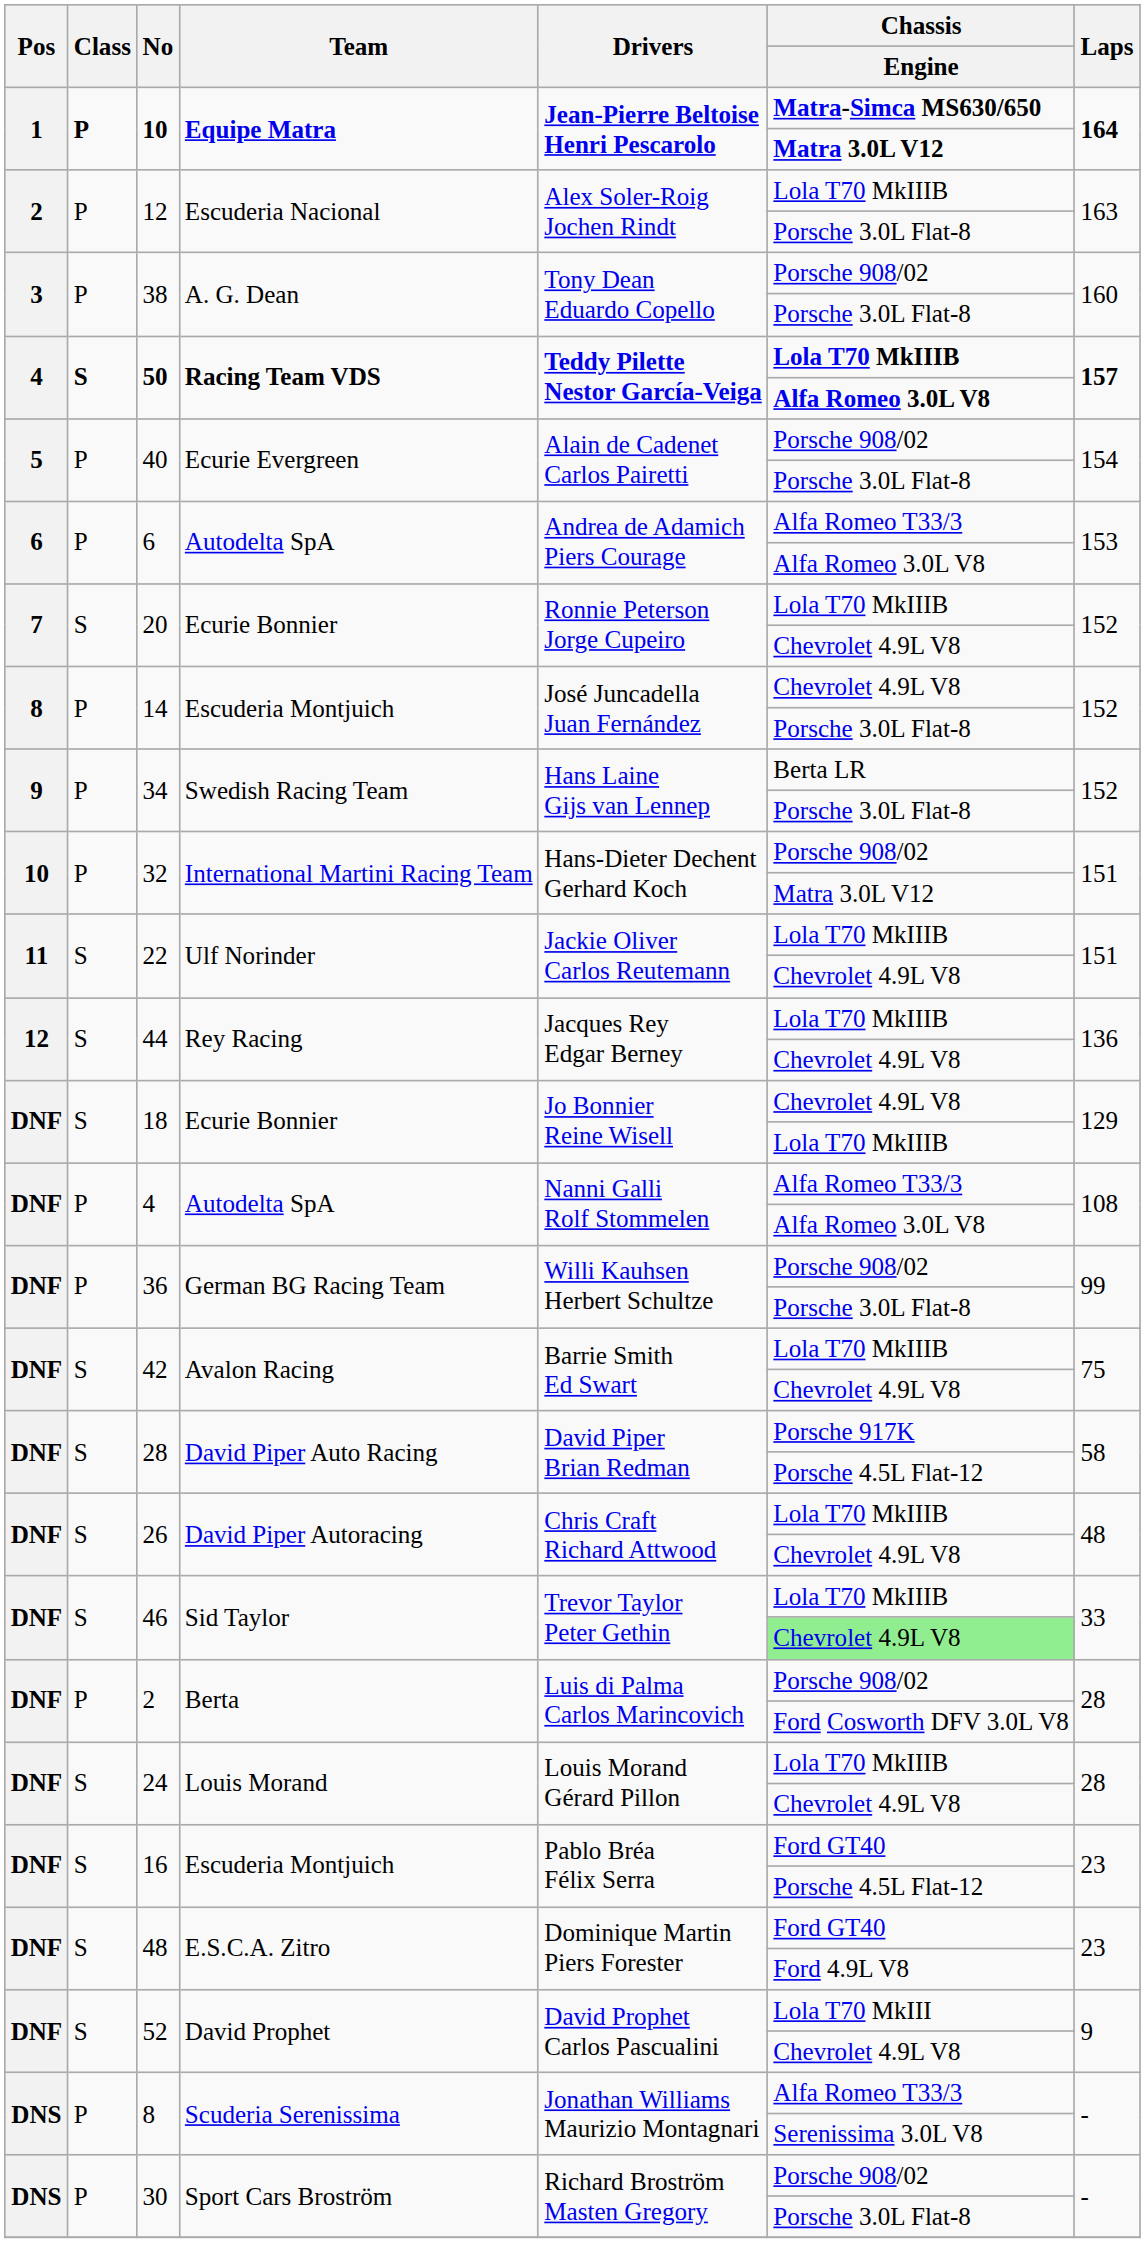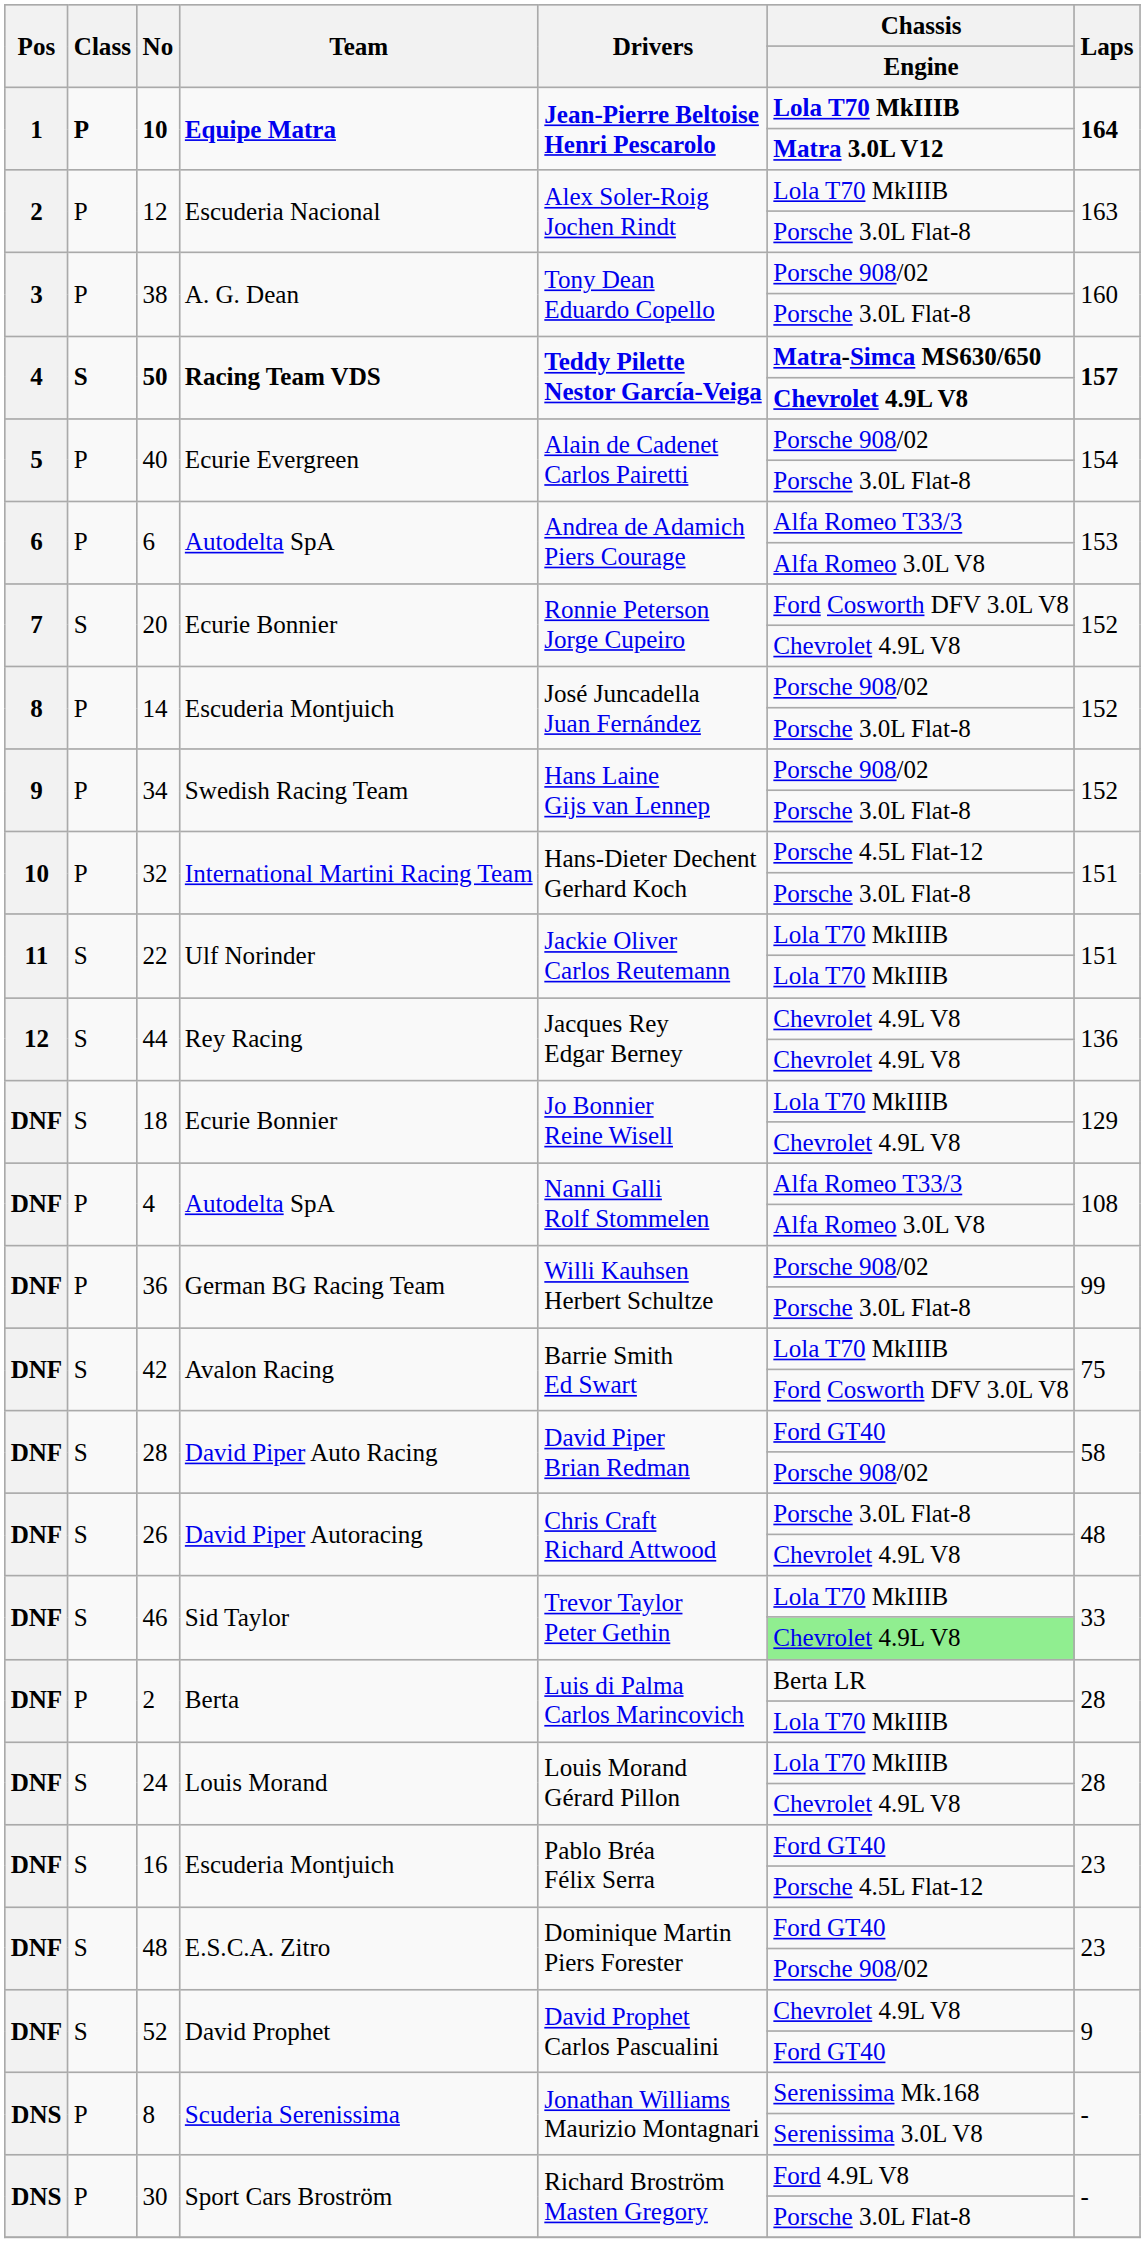 <table class="wikitable" style="font-size: 95%;">
 <tr>
 <th rowspan=2>Pos</th>
 <th rowspan=2>Class</th>
 <th rowspan=2>No</th>
 <th rowspan=2>Team</th>
 <th rowspan=2>Drivers</th>
 <th>Chassis</th>
 <th rowspan=2>Laps</th>
 </tr>
 <tr>
 <th>Engine</th>
 </tr>
 <tr style="font-weight:bold">
 <th rowspan=2>1</th>
 <td rowspan=2>P</td>
 <td rowspan=2>10</td>
 <td rowspan=2> <a href='#'>Equipe Matra</a></td>
 <td rowspan=2> <a href='#'>Jean-Pierre Beltoise</a><br> <a href='#'>Henri Pescarolo</a></td>
-<td><a href='#'>Matra</a>-<a href='#'>Simca</a> MS630/650</td>
+<td><a href='#'>Lola T70</a> MkIIIB</td>
 <td rowspan=2>164</td>
 </tr>
 <tr style="font-weight:bold">
 <td><a href='#'>Matra</a> 3.0L V12</td>
 </tr>
 <tr>
 <th rowspan=2>2</th>
 <td rowspan=2>P</td>
 <td rowspan=2>12</td>
 <td rowspan=2> Escuderia Nacional</td>
 <td rowspan=2> <a href='#'>Alex Soler-Roig</a><br> <a href='#'>Jochen Rindt</a></td>
 <td><a href='#'>Lola T70</a> MkIIIB</td>
 <td rowspan=2>163</td>
 </tr>
 <tr>
 <td><a href='#'>Porsche</a> 3.0L Flat-8</td>
 </tr>
 <tr>
 <th rowspan=2>3</th>
 <td rowspan=2>P</td>
 <td rowspan=2>38</td>
 <td rowspan=2> A. G. Dean</td>
 <td rowspan=2> <a href='#'>Tony Dean</a><br> <a href='#'>Eduardo Copello</a></td>
 <td><a href='#'>Porsche 908</a>/02</td>
 <td rowspan=2>160</td>
 </tr>
 <tr>
 <td><a href='#'>Porsche</a> 3.0L Flat-8</td>
 </tr>
 <tr style="font-weight:bold">
 <th rowspan=2>4</th>
 <td rowspan=2>S</td>
 <td rowspan=2>50</td>
 <td rowspan=2> Racing Team VDS</td>
 <td rowspan=2> <a href='#'>Teddy Pilette</a><br> <a href='#'>Nestor García-Veiga</a></td>
-<td><a href='#'>Lola T70</a> MkIIIB</td>
+<td><a href='#'>Matra</a>-<a href='#'>Simca</a> MS630/650</td>
 <td rowspan=2>157</td>
 </tr>
 <tr style="font-weight:bold">
-<td><a href='#'>Alfa Romeo</a> 3.0L V8</td>
+<td><a href='#'>Chevrolet</a> 4.9L V8</td>
 </tr>
 <tr>
 <th rowspan=2>5</th>
 <td rowspan=2>P</td>
 <td rowspan=2>40</td>
 <td rowspan=2> Ecurie Evergreen</td>
 <td rowspan=2> <a href='#'>Alain de Cadenet</a><br> <a href='#'>Carlos Pairetti</a></td>
 <td><a href='#'>Porsche 908</a>/02</td>
 <td rowspan=2>154</td>
 </tr>
 <tr>
 <td><a href='#'>Porsche</a> 3.0L Flat-8</td>
 </tr>
 <tr>
 <th rowspan=2>6</th>
 <td rowspan=2>P</td>
 <td rowspan=2>6</td>
 <td rowspan=2> <a href='#'>Autodelta</a> SpA</td>
 <td rowspan=2> <a href='#'>Andrea de Adamich</a><br> <a href='#'>Piers Courage</a></td>
 <td><a href='#'>Alfa Romeo T33/3</a></td>
 <td rowspan=2>153</td>
 </tr>
 <tr>
 <td><a href='#'>Alfa Romeo</a> 3.0L V8</td>
 </tr>
 <tr>
 <th rowspan=2>7</th>
 <td rowspan=2>S</td>
 <td rowspan=2>20</td>
 <td rowspan=2> Ecurie Bonnier</td>
 <td rowspan=2> <a href='#'>Ronnie Peterson</a><br> <a href='#'>Jorge Cupeiro</a></td>
-<td><a href='#'>Lola T70</a> MkIIIB</td>
+<td><a href='#'>Ford</a> <a href='#'>Cosworth</a> DFV 3.0L V8</td>
 <td rowspan=2>152</td>
 </tr>
 <tr>
 <td><a href='#'>Chevrolet</a> 4.9L V8</td>
 </tr>
 <tr>
 <th rowspan=2>8</th>
 <td rowspan=2>P</td>
 <td rowspan=2>14</td>
 <td rowspan=2> Escuderia Montjuich</td>
 <td rowspan=2> José Juncadella<br> <a href='#'>Juan Fernández</a></td>
-<td><a href='#'>Chevrolet</a> 4.9L V8</td>
+<td><a href='#'>Porsche 908</a>/02</td>
 <td rowspan=2>152</td>
 </tr>
 <tr>
 <td><a href='#'>Porsche</a> 3.0L Flat-8</td>
 </tr>
 <tr>
 <th rowspan=2>9</th>
 <td rowspan=2>P</td>
 <td rowspan=2>34</td>
 <td rowspan=2> Swedish Racing Team</td>
 <td rowspan=2> <a href='#'>Hans Laine</a><br> <a href='#'>Gijs van Lennep</a></td>
-<td>Berta LR</td>
+<td><a href='#'>Porsche 908</a>/02</td>
 <td rowspan=2>152</td>
 </tr>
 <tr>
 <td><a href='#'>Porsche</a> 3.0L Flat-8</td>
 </tr>
 <tr>
 <th rowspan=2>10</th>
 <td rowspan=2>P</td>
 <td rowspan=2>32</td>
 <td rowspan=2> <a href='#'>International Martini Racing Team</a></td>
 <td rowspan=2> Hans-Dieter Dechent<br> Gerhard Koch</td>
-<td><a href='#'>Porsche 908</a>/02</td>
+<td><a href='#'>Porsche</a> 4.5L Flat-12</td>
 <td rowspan=2>151</td>
 </tr>
 <tr>
-<td><a href='#'>Matra</a> 3.0L V12</td>
+<td><a href='#'>Porsche</a> 3.0L Flat-8</td>
 </tr>
 <tr>
 <th rowspan=2>11</th>
 <td rowspan=2>S</td>
 <td rowspan=2>22</td>
 <td rowspan=2> Ulf Norinder</td>
 <td rowspan=2> <a href='#'>Jackie Oliver</a><br> <a href='#'>Carlos Reutemann</a></td>
 <td><a href='#'>Lola T70</a> MkIIIB</td>
 <td rowspan=2>151</td>
 </tr>
 <tr>
-<td><a href='#'>Chevrolet</a> 4.9L V8</td>
+<td><a href='#'>Lola T70</a> MkIIIB</td>
 </tr>
 <tr>
 <th rowspan=2>12</th>
 <td rowspan=2>S</td>
 <td rowspan=2>44</td>
 <td rowspan=2> Rey Racing</td>
 <td rowspan=2> Jacques Rey<br> Edgar Berney</td>
-<td><a href='#'>Lola T70</a> MkIIIB</td>
+<td><a href='#'>Chevrolet</a> 4.9L V8</td>
 <td rowspan=2>136</td>
 </tr>
 <tr>
 <td><a href='#'>Chevrolet</a> 4.9L V8</td>
 </tr>
 <tr>
 <th rowspan=2>DNF</th>
 <td rowspan=2>S</td>
 <td rowspan=2>18</td>
 <td rowspan=2> Ecurie Bonnier</td>
 <td rowspan=2> <a href='#'>Jo Bonnier</a><br> <a href='#'>Reine Wisell</a></td>
-<td><a href='#'>Chevrolet</a> 4.9L V8</td>
+<td><a href='#'>Lola T70</a> MkIIIB</td>
 <td rowspan=2>129</td>
 </tr>
 <tr>
-<td><a href='#'>Lola T70</a> MkIIIB</td>
+<td><a href='#'>Chevrolet</a> 4.9L V8</td>
 </tr>
 <tr>
 <th rowspan=2>DNF</th>
 <td rowspan=2>P</td>
 <td rowspan=2>4</td>
 <td rowspan=2> <a href='#'>Autodelta</a> SpA</td>
 <td rowspan=2> <a href='#'>Nanni Galli</a><br> <a href='#'>Rolf Stommelen</a></td>
 <td><a href='#'>Alfa Romeo T33/3</a></td>
 <td rowspan=2>108</td>
 </tr>
 <tr>
 <td><a href='#'>Alfa Romeo</a> 3.0L V8</td>
 </tr>
 <tr>
 <th rowspan=2>DNF</th>
 <td rowspan=2>P</td>
 <td rowspan=2>36</td>
 <td rowspan=2> German BG Racing Team</td>
 <td rowspan=2> <a href='#'>Willi Kauhsen</a><br> Herbert Schultze</td>
 <td><a href='#'>Porsche 908</a>/02</td>
 <td rowspan=2>99</td>
 </tr>
 <tr>
 <td><a href='#'>Porsche</a> 3.0L Flat-8</td>
 </tr>
 <tr>
 <th rowspan=2>DNF</th>
 <td rowspan=2>S</td>
 <td rowspan=2>42</td>
 <td rowspan=2> Avalon Racing</td>
 <td rowspan=2> Barrie Smith<br> <a href='#'>Ed Swart</a></td>
 <td><a href='#'>Lola T70</a> MkIIIB</td>
 <td rowspan=2>75</td>
 </tr>
 <tr>
-<td><a href='#'>Chevrolet</a> 4.9L V8</td>
+<td><a href='#'>Ford</a> <a href='#'>Cosworth</a> DFV 3.0L V8</td>
 </tr>
 <tr>
 <th rowspan=2>DNF</th>
 <td rowspan=2>S</td>
 <td rowspan=2>28</td>
 <td rowspan=2> <a href='#'>David Piper</a> Auto Racing</td>
 <td rowspan=2> <a href='#'>David Piper</a><br> <a href='#'>Brian Redman</a></td>
-<td><a href='#'>Porsche 917K</a></td>
+<td><a href='#'>Ford GT40</a></td>
 <td rowspan=2>58</td>
 </tr>
 <tr>
-<td><a href='#'>Porsche</a> 4.5L Flat-12</td>
+<td><a href='#'>Porsche 908</a>/02</td>
 </tr>
 <tr>
 <th rowspan=2>DNF</th>
 <td rowspan=2>S</td>
 <td rowspan=2>26</td>
 <td rowspan=2> <a href='#'>David Piper</a> Autoracing</td>
 <td rowspan=2> <a href='#'>Chris Craft</a><br> <a href='#'>Richard Attwood</a></td>
-<td><a href='#'>Lola T70</a> MkIIIB</td>
+<td><a href='#'>Porsche</a> 3.0L Flat-8</td>
 <td rowspan=2>48</td>
 </tr>
 <tr>
 <td><a href='#'>Chevrolet</a> 4.9L V8</td>
 </tr>
 <tr>
 <th rowspan=2>DNF</th>
 <td rowspan=2>S</td>
 <td rowspan=2>46</td>
 <td rowspan=2> Sid Taylor</td>
 <td rowspan=2> <a href='#'>Trevor Taylor</a><br> <a href='#'>Peter Gethin</a></td>
 <td><a href='#'>Lola T70</a> MkIIIB</td>
 <td rowspan=2>33</td>
 </tr>
 <tr>
 <td style="background: lightgreen;"><a href='#'>Chevrolet</a> 4.9L V8</td>
 </tr>
 <tr>
 <th rowspan=2>DNF</th>
 <td rowspan=2>P</td>
 <td rowspan=2>2</td>
 <td rowspan=2> Berta</td>
 <td rowspan=2> <a href='#'>Luis di Palma</a><br> <a href='#'>Carlos Marincovich</a></td>
-<td><a href='#'>Porsche 908</a>/02</td>
+<td>Berta LR</td>
 <td rowspan=2>28</td>
 </tr>
 <tr>
-<td><a href='#'>Ford</a> <a href='#'>Cosworth</a> DFV 3.0L V8</td>
+<td><a href='#'>Lola T70</a> MkIIIB</td>
 </tr>
 <tr>
 <th rowspan=2>DNF</th>
 <td rowspan=2>S</td>
 <td rowspan=2>24</td>
 <td rowspan=2> Louis Morand</td>
 <td rowspan=2> Louis Morand<br> Gérard Pillon</td>
 <td><a href='#'>Lola T70</a> MkIIIB</td>
 <td rowspan=2>28</td>
 </tr>
 <tr>
 <td><a href='#'>Chevrolet</a> 4.9L V8</td>
 </tr>
 <tr>
 <th rowspan=2>DNF</th>
 <td rowspan=2>S</td>
 <td rowspan=2>16</td>
 <td rowspan=2> Escuderia Montjuich</td>
 <td rowspan=2> Pablo Bréa<br> Félix Serra</td>
 <td><a href='#'>Ford GT40</a></td>
 <td rowspan=2>23</td>
 </tr>
 <tr>
 <td><a href='#'>Porsche</a> 4.5L Flat-12</td>
 </tr>
 <tr>
 <th rowspan=2>DNF</th>
 <td rowspan=2>S</td>
 <td rowspan=2>48</td>
 <td rowspan=2> E.S.C.A. Zitro</td>
 <td rowspan=2> Dominique Martin<br> Piers Forester</td>
 <td><a href='#'>Ford GT40</a></td>
 <td rowspan=2>23</td>
 </tr>
 <tr>
-<td><a href='#'>Ford</a> 4.9L V8</td>
+<td><a href='#'>Porsche 908</a>/02</td>
 </tr>
 <tr>
 <th rowspan=2>DNF</th>
 <td rowspan=2>S</td>
 <td rowspan=2>52</td>
 <td rowspan=2> David Prophet</td>
 <td rowspan=2> <a href='#'>David Prophet</a><br> Carlos Pascualini</td>
-<td><a href='#'>Lola T70</a> MkIII</td>
+<td><a href='#'>Chevrolet</a> 4.9L V8</td>
 <td rowspan=2>9</td>
 </tr>
 <tr>
-<td><a href='#'>Chevrolet</a> 4.9L V8</td>
+<td><a href='#'>Ford GT40</a></td>
 </tr>
 <tr>
 <th rowspan=2>DNS</th>
 <td rowspan=2>P</td>
 <td rowspan=2>8</td>
 <td rowspan=2> <a href='#'>Scuderia Serenissima</a></td>
 <td rowspan=2> <a href='#'>Jonathan Williams</a><br> Maurizio Montagnari</td>
-<td><a href='#'>Alfa Romeo T33/3</a></td>
+<td><a href='#'>Serenissima</a> Mk.168</td>
 <td rowspan=2>-</td>
 </tr>
 <tr>
 <td><a href='#'>Serenissima</a> 3.0L V8</td>
 </tr>
 <tr>
 <th rowspan=2>DNS</th>
 <td rowspan=2>P</td>
 <td rowspan=2>30</td>
 <td rowspan=2> Sport Cars Broström</td>
 <td rowspan=2> Richard Broström<br> <a href='#'>Masten Gregory</a></td>
-<td><a href='#'>Porsche 908</a>/02</td>
+<td><a href='#'>Ford</a> 4.9L V8</td>
 <td rowspan=2>-</td>
 </tr>
 <tr>
 <td><a href='#'>Porsche</a> 3.0L Flat-8</td>
 </tr>
 <tr>
 </tr>
 </table>
